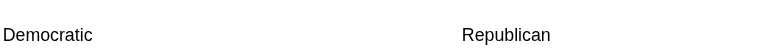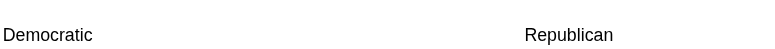 <table style="width:70%; text-align:center">
 <tr style="color:white">
 <td style="background:"><strong>132</strong></td>
+<td style="background:"><strong>1</strong></td>
 <td style="background:"><strong>302</strong></td>
-<td style="background:"><strong>1</strong></td>
 </tr>
 <tr>
 <td>Democratic</td>
+<td></td>
 <td>Republican</td>
-<td></td>
 </tr>
 </table>
